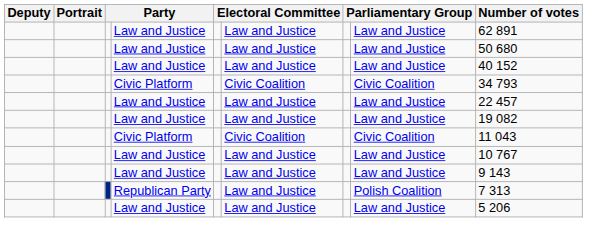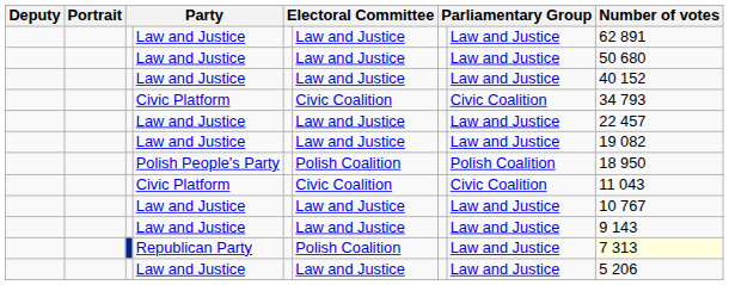 <table class="wikitable sortable" style="font-size:95%;line-height:14px;">
 <tr>
 <th>Deputy</th>
 <th>Portrait</th>
 <th colspan="2">Party</th>
 <th colspan="2">Electoral Committee</th>
 <th colspan="2">Parliamentary Group</th>
 <th>Number of votes</th>
 </tr>
 <tr>
 <td></td>
 <td></td>
 <td style="background:"></td>
 <td><a href='#'>Law and Justice</a></td>
 <td style="background:"></td>
 <td><a href='#'>Law and Justice</a></td>
 <td style="background:"></td>
 <td><a href='#'>Law and Justice</a></td>
 <td>62 891</td>
 </tr>
 <tr>
 <td></td>
 <td></td>
 <td style="background:"></td>
 <td><a href='#'>Law and Justice</a></td>
 <td style="background:"></td>
 <td><a href='#'>Law and Justice</a></td>
 <td style="background:"></td>
 <td><a href='#'>Law and Justice</a></td>
 <td>50 680</td>
 </tr>
 <tr>
 <td></td>
 <td></td>
 <td style="background:"></td>
 <td><a href='#'>Law and Justice</a></td>
 <td style="background:"></td>
 <td><a href='#'>Law and Justice</a></td>
 <td style="background:"></td>
 <td><a href='#'>Law and Justice</a></td>
 <td>40 152</td>
 </tr>
 <tr>
 <td></td>
 <td></td>
 <td style="background:"></td>
 <td><a href='#'>Civic Platform</a></td>
 <td style="background:"></td>
 <td><a href='#'>Civic Coalition</a></td>
 <td style="background:"></td>
 <td><a href='#'>Civic Coalition</a></td>
 <td>34 793</td>
 </tr>
 <tr>
 <td></td>
 <td></td>
 <td style="background:"></td>
 <td><a href='#'>Law and Justice</a></td>
 <td style="background:"></td>
 <td><a href='#'>Law and Justice</a></td>
 <td style="background:"></td>
 <td><a href='#'>Law and Justice</a></td>
 <td>22 457</td>
 </tr>
 <tr>
 <td></td>
 <td></td>
 <td style="background:"></td>
 <td><a href='#'>Law and Justice</a></td>
 <td style="background:"></td>
 <td><a href='#'>Law and Justice</a></td>
 <td style="background:"></td>
 <td><a href='#'>Law and Justice</a></td>
 <td>19 082</td>
 </tr>
 <tr>
 <td></td>
 <td></td>
 <td style="background:"></td>
+<td><a href='#'>Polish People's Party</a></td>
+<td style="background:"></td>
+<td><a href='#'>Polish Coalition</a></td>
+<td style="background:"></td>
+<td><a href='#'>Polish Coalition</a></td>
+<td>18 950</td>
+</tr>
+<tr>
+<td></td>
+<td></td>
+<td style="background:"></td>
 <td><a href='#'>Civic Platform</a></td>
 <td style="background:"></td>
 <td><a href='#'>Civic Coalition</a></td>
 <td style="background:"></td>
 <td><a href='#'>Civic Coalition</a></td>
 <td>11 043</td>
 </tr>
 <tr>
 <td></td>
 <td></td>
 <td style="background:"></td>
 <td><a href='#'>Law and Justice</a></td>
 <td style="background:"></td>
 <td><a href='#'>Law and Justice</a></td>
 <td style="background:"></td>
 <td><a href='#'>Law and Justice</a></td>
 <td>10 767</td>
 </tr>
 <tr>
 <td></td>
 <td></td>
 <td style="background:"></td>
 <td><a href='#'>Law and Justice</a></td>
 <td style="background:"></td>
 <td><a href='#'>Law and Justice</a></td>
 <td style="background:"></td>
 <td><a href='#'>Law and Justice</a></td>
 <td>9 143</td>
 </tr>
 <tr>
 <td></td>
 <td></td>
 <td style="background:#002387;"></td>
 <td><a href='#'>Republican Party</a></td>
 <td style="background:"></td>
+<td><a href='#'>Polish Coalition</a></td>
+<td style="background:"></td>
 <td><a href='#'>Law and Justice</a></td>
-<td style="background:"></td>
-<td><a href='#'>Polish Coalition</a></td>
-<td>7 313</td>
+<td style="background: lightyellow;">7 313</td>
 </tr>
 <tr>
 <td></td>
 <td></td>
 <td style="background:"></td>
 <td><a href='#'>Law and Justice</a></td>
 <td style="background:"></td>
 <td><a href='#'>Law and Justice</a></td>
 <td style="background:"></td>
 <td><a href='#'>Law and Justice</a></td>
 <td>5 206</td>
 </tr>
 </table>
